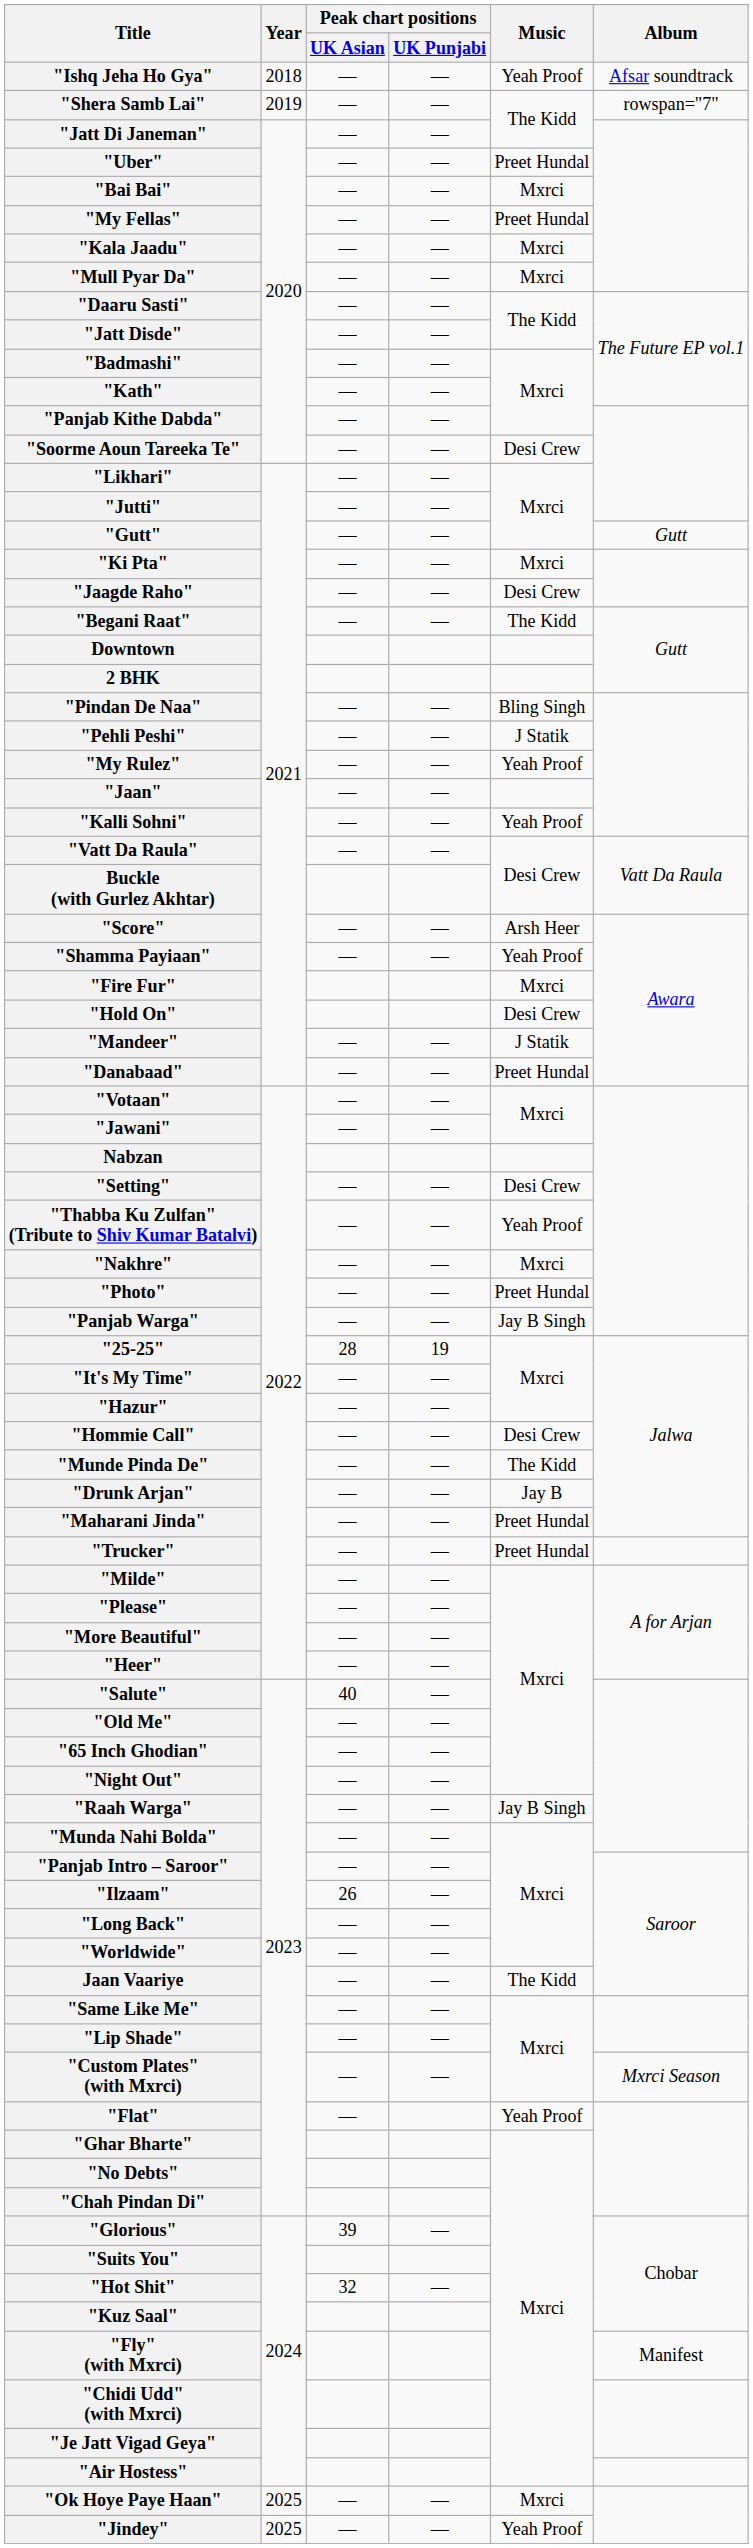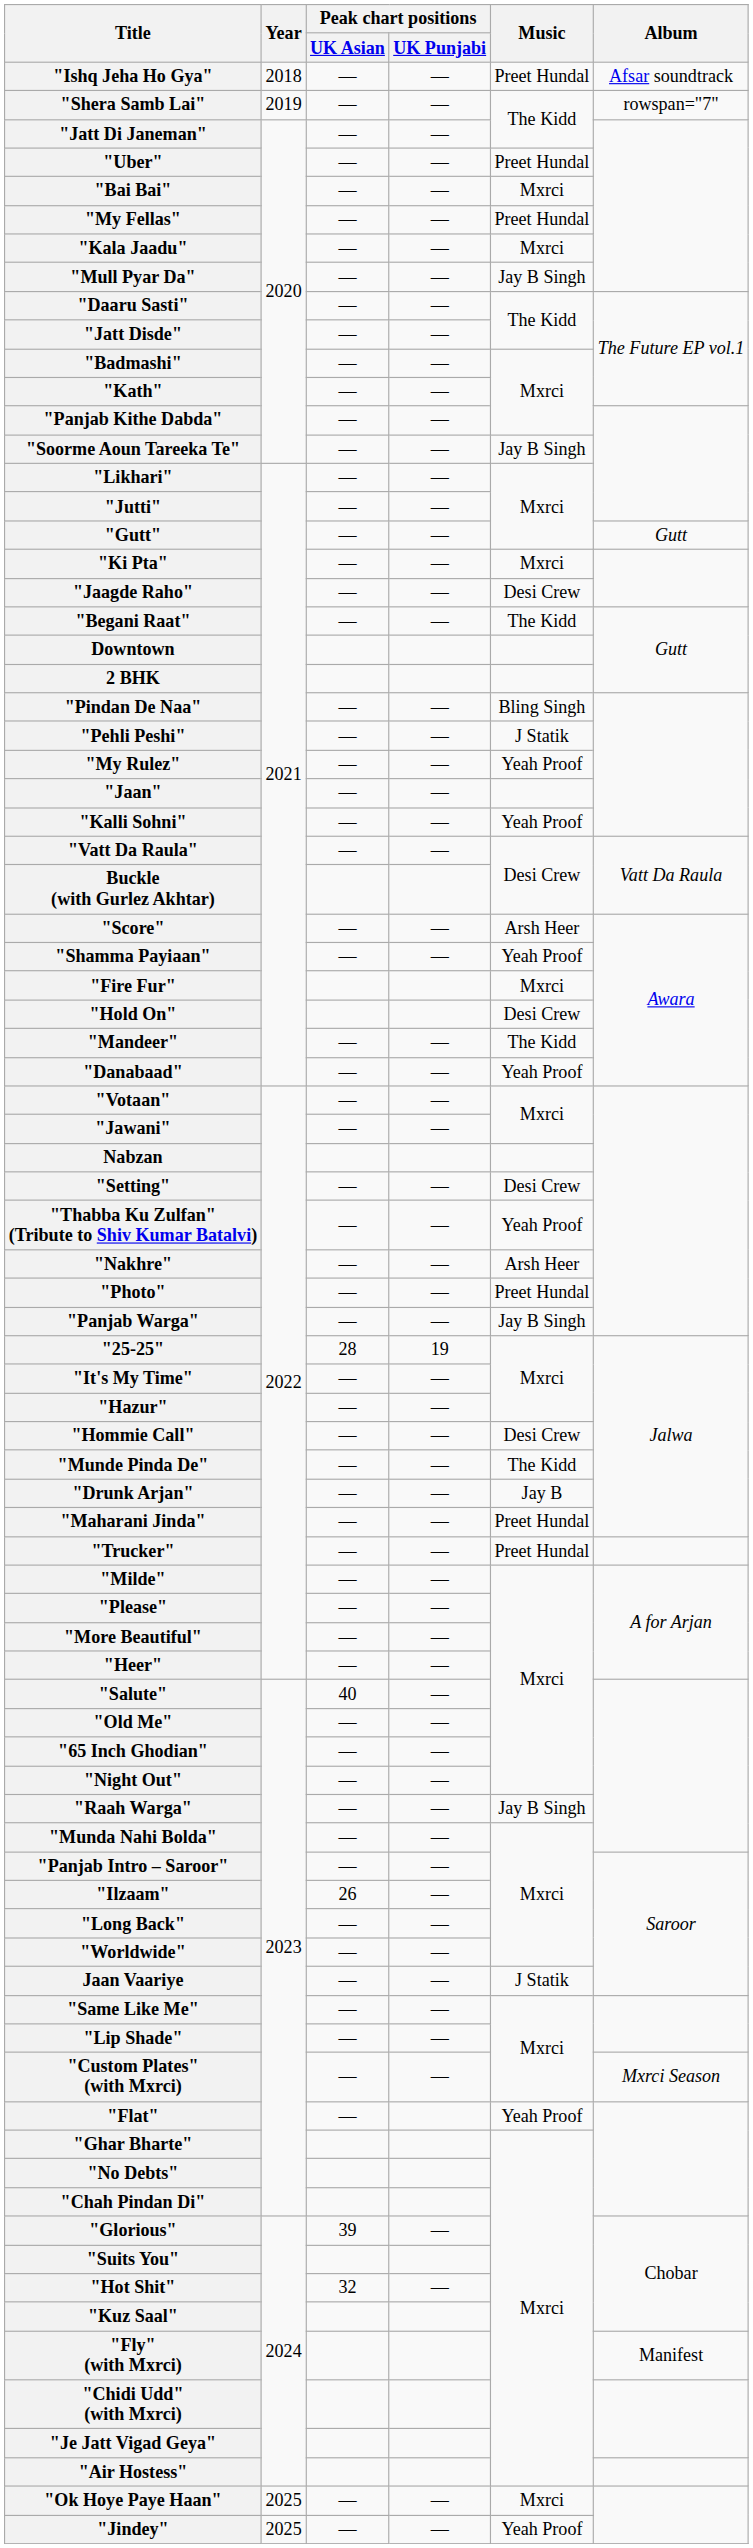 <table class="wikitable plainrowheaders" style="text-align:center;">
 <tr>
 <th scope="col" rowspan="2">Title</th>
 <th scope="col" rowspan="2">Year</th>
 <th scope="col" colspan="2">Peak chart positions</th>
 <th scope="col" rowspan="2">Music</th>
 <th scope="col" rowspan="2">Album</th>
 </tr>
 <tr>
 <th scope="col"><a href='#'>UK Asian</a></th>
 <th scope="col"><a href='#'>UK Punjabi</a></th>
 </tr>
 <tr>
 <th scope="row">"Ishq Jeha Ho Gya"</th>
 <td>2018</td>
 <td>—</td>
 <td>—</td>
-<td>Yeah Proof</td>
+<td>Preet Hundal</td>
 <td><a href='#'>Afsar</a> soundtrack</td>
 </tr>
 <tr>
 <th scope="row">"Shera Samb Lai"</th>
 <td>2019</td>
 <td>—</td>
 <td>—</td>
 <td rowspan="2">The Kidd</td>
 <td>rowspan="7" </td>
 </tr>
 <tr>
 <th scope="row">"Jatt Di Janeman"</th>
 <td rowspan="12">2020</td>
 <td>—</td>
 <td>—</td>
 </tr>
 <tr>
 <th scope="row">"Uber"</th>
 <td>—</td>
 <td>—</td>
 <td>Preet Hundal</td>
 </tr>
 <tr>
 <th scope="row">"Bai Bai"</th>
 <td>—</td>
 <td>—</td>
 <td>Mxrci</td>
 </tr>
 <tr>
 <th scope="row">"My Fellas"</th>
 <td>—</td>
 <td>—</td>
 <td>Preet Hundal</td>
 </tr>
 <tr>
 <th scope="row">"Kala Jaadu" </th>
 <td>—</td>
 <td>—</td>
 <td>Mxrci</td>
 </tr>
 <tr>
 <th scope="row">"Mull Pyar Da"</th>
 <td>—</td>
 <td>—</td>
-<td>Mxrci</td>
+<td>Jay B Singh</td>
 </tr>
 <tr>
 <th scope="row">"Daaru Sasti"</th>
 <td>—</td>
 <td>—</td>
 <td rowspan="2">The Kidd</td>
 <td rowspan="4"><em>The Future EP vol.1</em></td>
 </tr>
 <tr>
 <th scope="row">"Jatt Disde"</th>
 <td>—</td>
 <td>—</td>
 </tr>
 <tr>
 <th scope="row">"Badmashi"</th>
 <td>—</td>
 <td>—</td>
 <td rowspan="3">Mxrci</td>
 </tr>
 <tr>
 <th scope="row">"Kath"</th>
 <td>—</td>
 <td>—</td>
 </tr>
 <tr>
 <th scope="row">"Panjab Kithe Dabda"</th>
 <td>—</td>
 <td>—</td>
 <td rowspan="4"></td>
 </tr>
 <tr>
 <th scope="row">"Soorme Aoun Tareeka Te"</th>
 <td>—</td>
 <td>—</td>
-<td>Desi Crew</td>
+<td>Jay B Singh</td>
 </tr>
 <tr>
 <th scope="row">"Likhari"</th>
 <td rowspan="21">2021</td>
 <td>—</td>
 <td>—</td>
 <td rowspan="3">Mxrci</td>
 </tr>
 <tr>
 <th scope="row">"Jutti"</th>
 <td>—</td>
 <td>—</td>
 </tr>
 <tr>
 <th scope="row">"Gutt"</th>
 <td>—</td>
 <td>—</td>
 <td><em>Gutt</em></td>
 </tr>
 <tr>
 <th scope="row">"Ki Pta"</th>
 <td>—</td>
 <td>—</td>
 <td>Mxrci</td>
 <td rowspan="2"></td>
 </tr>
 <tr>
 <th scope="row">"Jaagde Raho"</th>
 <td>—</td>
 <td>—</td>
 <td>Desi Crew</td>
 </tr>
 <tr>
 <th scope="row">"Begani Raat"</th>
 <td>—</td>
 <td>—</td>
 <td>The Kidd</td>
 <td rowspan="3"><em>Gutt</em></td>
 </tr>
 <tr>
 <th scope="row">Downtown</th>
 <td></td>
 <td></td>
 <td></td>
 </tr>
 <tr>
 <th scope="row">2 BHK</th>
 <td></td>
 <td></td>
 <td></td>
 </tr>
 <tr>
 <th scope="row">"Pindan De Naa"</th>
 <td>—</td>
 <td>—</td>
 <td>Bling Singh</td>
 <td rowspan="5"></td>
 </tr>
 <tr>
 <th scope="row">"Pehli Peshi"</th>
 <td>—</td>
 <td>—</td>
 <td>J Statik</td>
 </tr>
 <tr>
 <th scope="row">"My Rulez"</th>
 <td>—</td>
 <td>—</td>
 <td>Yeah Proof</td>
 </tr>
 <tr>
 <th scope="row">"Jaan"</th>
 <td>—</td>
 <td>—</td>
 <td></td>
 </tr>
 <tr>
 <th scope="row">"Kalli Sohni"</th>
 <td>—</td>
 <td>—</td>
 <td>Yeah Proof</td>
 </tr>
 <tr>
 <th scope="row">"Vatt Da Raula"</th>
 <td>—</td>
 <td>—</td>
 <td rowspan="2">Desi Crew</td>
 <td rowspan="2"><em>Vatt Da Raula</em></td>
 </tr>
 <tr>
 <th scope="row">Buckle <br><span>(with Gurlez Akhtar)</span></th>
 <td></td>
 <td></td>
 </tr>
 <tr>
 <th scope="row">"Score"</th>
 <td>—</td>
 <td>—</td>
 <td>Arsh Heer</td>
 <td rowspan="6"><em><a href='#'>Awara</a></em></td>
 </tr>
 <tr>
 <th scope="row">"Shamma Payiaan"</th>
 <td>—</td>
 <td>—</td>
 <td>Yeah Proof</td>
 </tr>
 <tr>
 <th scope="row">"Fire Fur"</th>
 <td></td>
 <td></td>
 <td>Mxrci</td>
 </tr>
 <tr>
 <th scope="row">"Hold On"</th>
 <td></td>
 <td></td>
 <td>Desi Crew</td>
 </tr>
 <tr>
 <th scope="row">"Mandeer"</th>
 <td>—</td>
 <td>—</td>
-<td>J Statik</td>
+<td>The Kidd</td>
 </tr>
 <tr>
 <th scope="row">"Danabaad"</th>
 <td>—</td>
 <td>—</td>
-<td>Preet Hundal</td>
+<td>Yeah Proof</td>
 </tr>
 <tr>
 <th scope="row">"Votaan"</th>
 <td rowspan="20">2022</td>
 <td>—</td>
 <td>—</td>
 <td rowspan="2">Mxrci</td>
 <td rowspan="8"></td>
 </tr>
 <tr>
 <th scope="row">"Jawani"</th>
 <td>—</td>
 <td>—</td>
 </tr>
 <tr>
 <th scope="row">Nabzan</th>
 <td></td>
 <td></td>
 <td></td>
 </tr>
 <tr>
 <th scope="row">"Setting"</th>
 <td>—</td>
 <td>—</td>
 <td>Desi Crew</td>
 </tr>
 <tr>
 <th scope="row">"Thabba Ku Zulfan"<br>(Tribute to <a href='#'>Shiv Kumar Batalvi</a>)</th>
 <td>—</td>
 <td>—</td>
 <td>Yeah Proof</td>
 </tr>
 <tr>
 <th scope="row">"Nakhre"</th>
 <td>—</td>
 <td>—</td>
-<td>Mxrci</td>
+<td>Arsh Heer</td>
 </tr>
 <tr>
 <th scope="row">"Photo"<br></th>
 <td>—</td>
 <td>—</td>
 <td>Preet Hundal</td>
 </tr>
 <tr>
 <th scope="row">"Panjab Warga"</th>
 <td>—</td>
 <td>—</td>
 <td>Jay B Singh</td>
 </tr>
 <tr>
 <th scope="row">"25-25"</th>
 <td>28</td>
 <td>19</td>
 <td rowspan="3">Mxrci</td>
 <td rowspan="7"><em>Jalwa</em></td>
 </tr>
 <tr>
 <th scope="row">"It's My Time"</th>
 <td>—</td>
 <td>—</td>
 </tr>
 <tr>
 <th scope="row">"Hazur"</th>
 <td>—</td>
 <td>—</td>
 </tr>
 <tr>
 <th scope="row">"Hommie Call"</th>
 <td>—</td>
 <td>—</td>
 <td>Desi Crew</td>
 </tr>
 <tr>
 <th scope="row">"Munde Pinda De"</th>
 <td>—</td>
 <td>—</td>
 <td>The Kidd</td>
 </tr>
 <tr>
 <th scope="row">"Drunk Arjan"</th>
 <td>—</td>
 <td>—</td>
 <td>Jay B</td>
 </tr>
 <tr>
 <th scope="row">"Maharani Jinda"</th>
 <td>—</td>
 <td>—</td>
 <td>Preet Hundal</td>
 </tr>
 <tr>
 <th scope="row">"Trucker"</th>
 <td>—</td>
 <td>—</td>
 <td>Preet Hundal</td>
 <td></td>
 </tr>
 <tr>
 <th scope="row">"Milde"</th>
 <td>—</td>
 <td>—</td>
 <td rowspan="8">Mxrci</td>
 <td rowspan="4"><em>A for Arjan</em></td>
 </tr>
 <tr>
 <th scope="row">"Please"</th>
 <td>—</td>
 <td>—</td>
 </tr>
 <tr>
 <th scope="row">"More Beautiful"</th>
 <td>—</td>
 <td>—</td>
 </tr>
 <tr>
 <th scope="row">"Heer"</th>
 <td>—</td>
 <td>—</td>
 </tr>
 <tr>
 <th scope="row">"Salute"</th>
 <td rowspan="18">2023</td>
 <td>40</td>
 <td>—</td>
 <td rowspan="6"></td>
 </tr>
 <tr>
 <th scope="row">"Old Me"</th>
 <td>—</td>
 <td>—</td>
 </tr>
 <tr>
 <th scope="row">"65 Inch Ghodian"</th>
 <td>—</td>
 <td>—</td>
 </tr>
 <tr>
 <th scope="row">"Night Out"</th>
 <td>—</td>
 <td>—</td>
 </tr>
 <tr>
 <th scope="row">"Raah Warga"</th>
 <td>—</td>
 <td>—</td>
 <td>Jay B Singh</td>
 </tr>
 <tr>
 <th scope="row">"Munda Nahi Bolda"</th>
 <td>—</td>
 <td>—</td>
 <td rowspan="5">Mxrci</td>
 </tr>
 <tr>
 <th scope="row">"Panjab Intro – Saroor"</th>
 <td>—</td>
 <td>—</td>
 <td rowspan="5"><em>Saroor</em></td>
 </tr>
 <tr>
 <th scope="row">"Ilzaam"</th>
 <td>26</td>
 <td>—</td>
 </tr>
 <tr>
 <th scope="row">"Long Back"</th>
 <td>—</td>
 <td>—</td>
 </tr>
 <tr>
 <th scope="row">"Worldwide"</th>
 <td>—</td>
 <td>—</td>
 </tr>
 <tr>
 <th scope="row">Jaan Vaariye</th>
 <td>—</td>
 <td>—</td>
-<td>The Kidd</td>
+<td>J Statik</td>
 </tr>
 <tr>
 <th scope="row">"Same Like Me"</th>
 <td>—</td>
 <td>—</td>
 <td rowspan="3">Mxrci</td>
 <td rowspan="2"></td>
 </tr>
 <tr>
 <th scope="row">"Lip Shade"</th>
 <td>—</td>
 <td>—</td>
 </tr>
 <tr>
 <th scope="row">"Custom Plates" <br><span>(with Mxrci)</span></th>
 <td>—</td>
 <td>—</td>
 <td><em>Mxrci Season</em></td>
 </tr>
 <tr>
 <th scope="row">"Flat"</th>
 <td>—</td>
 <td></td>
 <td>Yeah Proof</td>
 <td rowspan="4"></td>
 </tr>
 <tr>
 <th scope="row">"Ghar Bharte"</th>
 <td></td>
 <td></td>
 <td rowspan="11">Mxrci</td>
 </tr>
 <tr>
 <th scope="row">"No Debts"</th>
 <td></td>
 <td></td>
 </tr>
 <tr>
 <th scope="row">"Chah Pindan Di"</th>
 <td></td>
 <td></td>
 </tr>
 <tr>
 <th scope="row">"Glorious"</th>
 <td rowspan="8">2024</td>
 <td>39</td>
 <td>—</td>
 <td rowspan="4">Chobar</td>
 </tr>
 <tr>
 <th scope="row">"Suits You"</th>
 <td></td>
 <td></td>
 </tr>
 <tr>
 <th scope="row">"Hot Shit"</th>
 <td>32</td>
 <td>—</td>
 </tr>
 <tr>
 <th scope="row">"Kuz Saal"</th>
 <td></td>
 <td></td>
 </tr>
 <tr>
 <th scope="row">"Fly"<br><span>(with Mxrci)</span></th>
 <td></td>
 <td></td>
 <td>Manifest</td>
 </tr>
 <tr>
 <th scope="row">"Chidi Udd" <br><span>(with Mxrci)</span></th>
 <td></td>
 <td></td>
 <td rowspan="2"></td>
 </tr>
 <tr>
 <th scope="row">"Je Jatt Vigad Geya"</th>
 <td></td>
 <td></td>
 </tr>
 <tr>
 <th scope="row">"Air Hostess"</th>
 <td></td>
 <td></td>
 <td></td>
 </tr>
 <tr>
 <th scope="row">"Ok Hoye Paye Haan"</th>
 <td>2025</td>
 <td>—</td>
 <td>—</td>
 <td>Mxrci</td>
 </tr>
 <tr>
 <th scope="row">"Jindey"</th>
 <td>2025</td>
 <td>—</td>
 <td>—</td>
 <td>Yeah Proof</td>
 </tr>
 </table>
